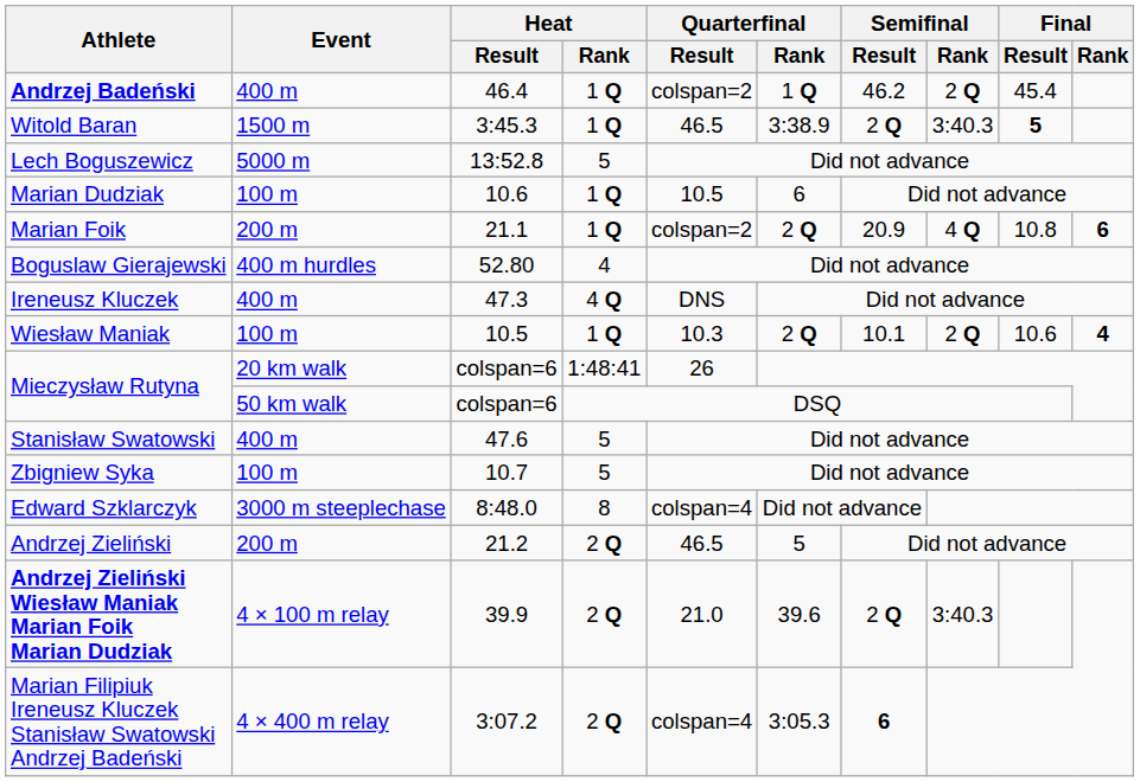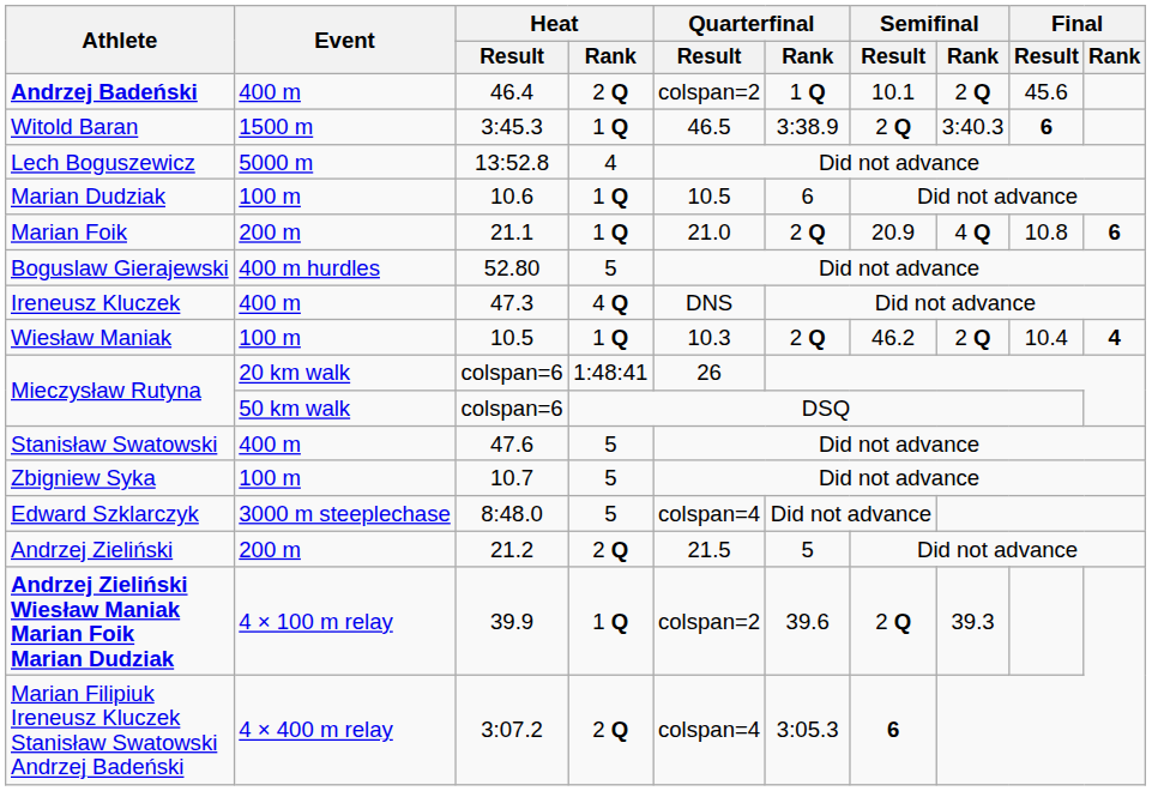 <table class="wikitable" style="font-size:90%">
 <tr>
 <th rowspan="2">Athlete</th>
 <th rowspan="2">Event</th>
 <th colspan="2">Heat</th>
 <th colspan="2">Quarterfinal</th>
 <th colspan="2">Semifinal</th>
 <th colspan="2">Final</th>
 </tr>
 <tr style="font-size:95%">
 <th>Result</th>
 <th>Rank</th>
 <th>Result</th>
 <th>Rank</th>
 <th>Result</th>
 <th>Rank</th>
 <th>Result</th>
 <th>Rank</th>
 </tr>
 <tr align=center>
 <td align=left><strong><a href='#'>Andrzej Badeński</a></strong></td>
 <td align=left><a href='#'>400 m</a></td>
 <td>46.4</td>
-<td>1 <strong>Q</strong></td>
+<td>2 <strong>Q</strong></td>
 <td>colspan=2 </td>
 <td>1 <strong>Q</strong></td>
-<td>46.2</td>
+<td>10.1</td>
 <td>2 <strong>Q</strong></td>
-<td>45.4</td>
+<td>45.6</td>
 <td></td>
 </tr>
 <tr align=center>
 <td align=left><a href='#'>Witold Baran</a></td>
 <td align=left><a href='#'>1500 m</a></td>
 <td>3:45.3</td>
 <td>1 <strong>Q</strong></td>
 <td>46.5</td>
 <td>3:38.9</td>
 <td>2 <strong>Q</strong></td>
 <td>3:40.3</td>
-<td><strong>5</strong></td>
+<td><strong>6</strong></td>
 </tr>
 <tr align=center>
 <td align=left rowspan=1><a href='#'>Lech Boguszewicz</a></td>
 <td align=left><a href='#'>5000 m</a></td>
 <td>13:52.8</td>
-<td>5</td>
+<td>4</td>
 <td colspan=6>Did not advance</td>
 </tr>
 <tr align=center>
 <td align=left rowspan=1><a href='#'>Marian Dudziak</a></td>
 <td align=left><a href='#'>100 m</a></td>
 <td>10.6</td>
 <td>1 <strong>Q</strong></td>
 <td>10.5</td>
 <td>6</td>
 <td colspan=4>Did not advance</td>
 </tr>
 <tr align=center>
 <td align=left rowspan=1><a href='#'>Marian Foik</a></td>
 <td align=left><a href='#'>200 m</a></td>
 <td>21.1</td>
 <td>1 <strong>Q</strong></td>
-<td>colspan=2 </td>
+<td>21.0</td>
 <td>2 <strong>Q</strong></td>
 <td>20.9</td>
 <td>4 <strong>Q</strong></td>
 <td>10.8</td>
 <td><strong>6</strong></td>
 </tr>
 <tr align=center>
 <td align=left><a href='#'>Boguslaw Gierajewski</a></td>
 <td align=left><a href='#'>400 m hurdles</a></td>
 <td>52.80</td>
-<td>4</td>
+<td>5</td>
 <td colspan=6>Did not advance</td>
 </tr>
 <tr align=center>
 <td align=left><a href='#'>Ireneusz Kluczek</a></td>
 <td align=left><a href='#'>400 m</a></td>
 <td>47.3</td>
 <td>4 <strong>Q</strong></td>
 <td>DNS</td>
 <td colspan=5>Did not advance</td>
 </tr>
 <tr align=center>
 <td align=left><a href='#'>Wiesław Maniak</a></td>
 <td align=left><a href='#'>100 m</a></td>
 <td>10.5</td>
 <td>1 <strong>Q</strong></td>
 <td>10.3</td>
 <td>2 <strong>Q</strong></td>
-<td>10.1</td>
+<td>46.2</td>
 <td>2 <strong>Q</strong></td>
-<td>10.6</td>
+<td>10.4</td>
 <td><strong>4</strong></td>
 </tr>
 <tr align=center>
 <td align=left rowspan=2><a href='#'>Mieczysław Rutyna</a></td>
 <td align=left><a href='#'>20 km walk</a></td>
 <td>colspan=6 </td>
 <td>1:48:41</td>
 <td>26</td>
 </tr>
 <tr align=center>
 <td align=left><a href='#'>50 km walk</a></td>
 <td>colspan=6 </td>
 <td colspan=6>DSQ</td>
 </tr>
 <tr align=center>
 <td align=left><a href='#'>Stanisław Swatowski</a></td>
 <td align=left><a href='#'>400 m</a></td>
 <td>47.6</td>
 <td>5</td>
 <td colspan=6>Did not advance</td>
 </tr>
 <tr align=center>
 <td align=left rowspan=1><a href='#'>Zbigniew Syka</a></td>
 <td align=left><a href='#'>100 m</a></td>
 <td>10.7</td>
 <td>5</td>
 <td colspan=6>Did not advance</td>
 </tr>
 <tr align=center>
 <td align=left><a href='#'>Edward Szklarczyk</a></td>
 <td align=left><a href='#'>3000 m steeplechase</a></td>
 <td>8:48.0</td>
-<td>8</td>
+<td>5</td>
 <td>colspan=4 </td>
 <td colspan=2>Did not advance</td>
 </tr>
 <tr align=center>
 <td align=left rowspan=1><a href='#'>Andrzej Zieliński</a></td>
 <td align=left><a href='#'>200 m</a></td>
 <td>21.2</td>
 <td>2 <strong>Q</strong></td>
-<td>46.5</td>
+<td>21.5</td>
 <td>5</td>
 <td colspan=4>Did not advance</td>
 </tr>
 <tr align=center>
 <td align=left><strong><a href='#'>Andrzej Zieliński</a><br><a href='#'>Wiesław Maniak</a><br> <a href='#'>Marian Foik</a><br><a href='#'>Marian Dudziak</a></strong></td>
 <td align=left><a href='#'>4 × 100 m relay</a></td>
 <td>39.9</td>
-<td>2 <strong>Q</strong></td>
-<td>21.0</td>
+<td>1 <strong>Q</strong></td>
+<td>colspan=2 </td>
 <td>39.6</td>
 <td>2 <strong>Q</strong></td>
-<td>3:40.3</td>
+<td>39.3</td>
 <td></td>
 </tr>
 <tr align=center>
 <td align=left><a href='#'>Marian Filipiuk</a><br><a href='#'>Ireneusz Kluczek</a><br><a href='#'>Stanisław Swatowski</a><br><a href='#'>Andrzej Badeński</a></td>
 <td align=left><a href='#'>4 × 400 m relay</a></td>
 <td>3:07.2</td>
 <td>2 <strong>Q</strong></td>
 <td>colspan=4 </td>
 <td>3:05.3</td>
 <td><strong>6</strong></td>
 </tr>
 </table>
